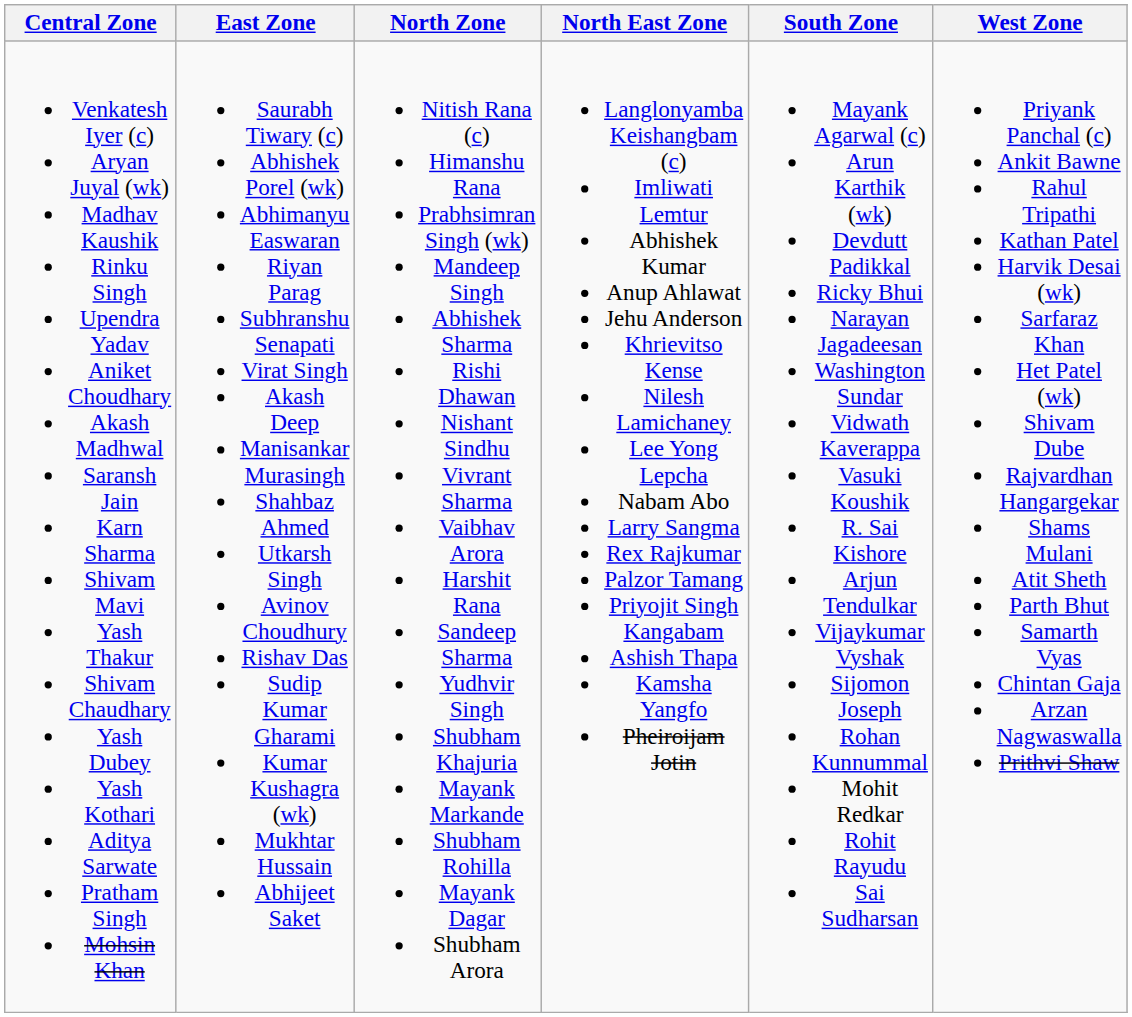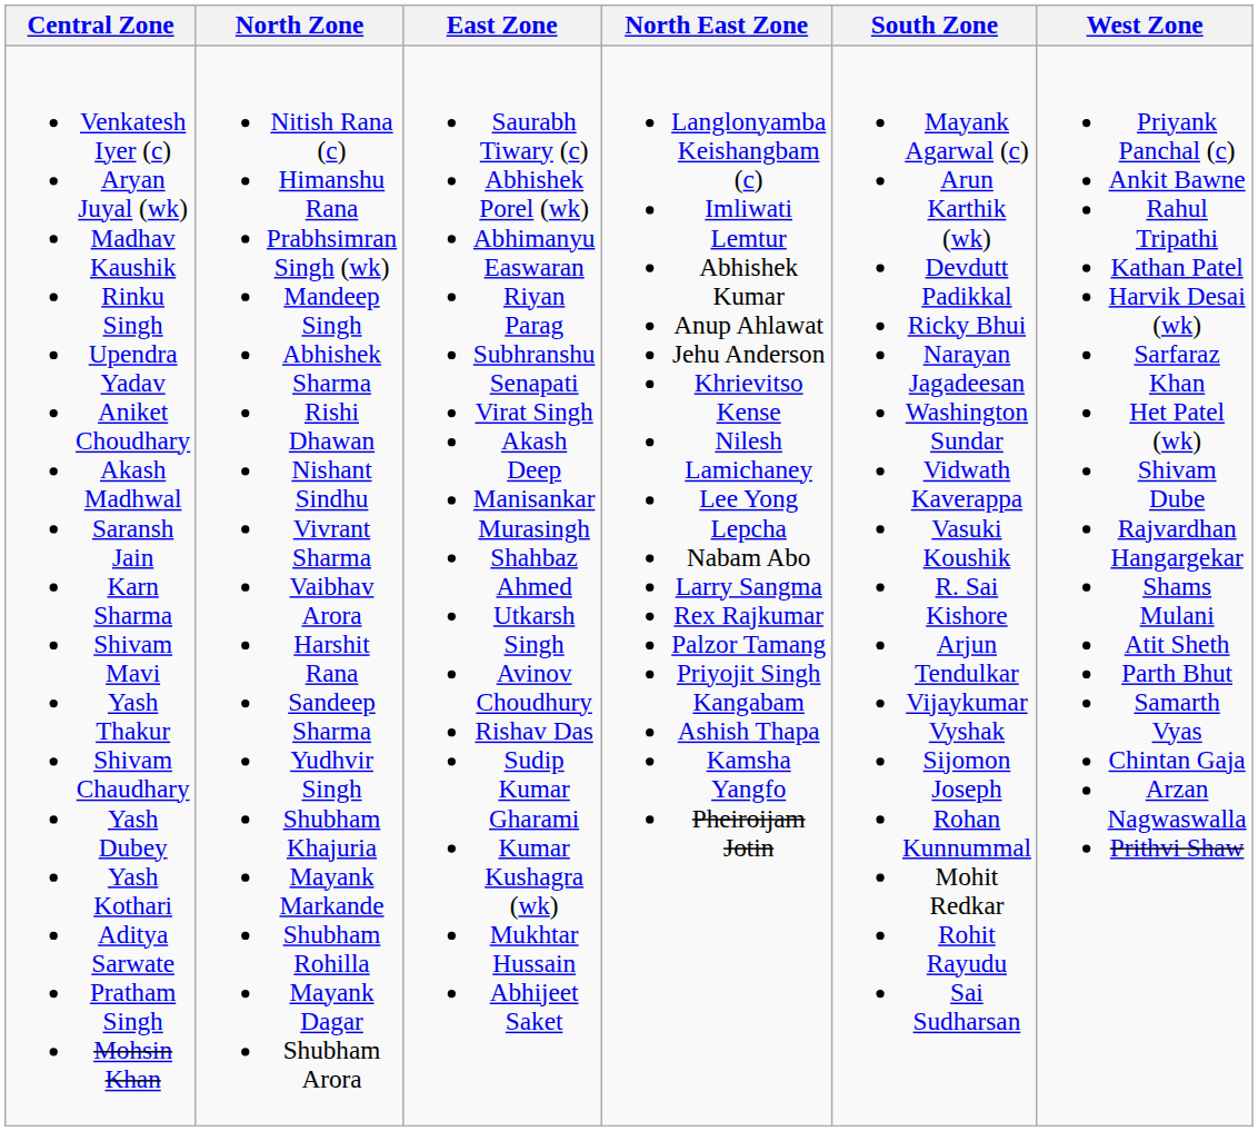 <table class="wikitable" style="text-align:center; margin:auto">
 <tr>
 <th><a href='#'>Central Zone</a></th>
+<th><a href='#'>North Zone</a></th>
 <th><a href='#'>East Zone</a></th>
-<th><a href='#'>North Zone</a></th>
 <th><a href='#'>North East Zone</a></th>
 <th><a href='#'>South Zone</a></th>
 <th><a href='#'>West Zone</a></th>
 </tr>
 <tr style="vertical-align:top">
 <td><br><ul><li><a href='#'>Venkatesh Iyer</a> (<a href='#'>c</a>)</li><li><a href='#'>Aryan Juyal</a> (<a href='#'>wk</a>)</li><li><a href='#'>Madhav Kaushik</a></li><li><a href='#'>Rinku Singh</a></li><li><a href='#'>Upendra Yadav</a></li><li><a href='#'>Aniket Choudhary</a></li><li><a href='#'>Akash Madhwal</a></li><li><a href='#'>Saransh Jain</a></li><li><a href='#'>Karn Sharma</a></li><li><a href='#'>Shivam Mavi</a></li><li><a href='#'>Yash Thakur</a></li><li><a href='#'>Shivam Chaudhary</a></li><li><a href='#'>Yash Dubey</a></li><li><a href='#'>Yash Kothari</a></li><li><a href='#'>Aditya Sarwate</a></li><li><a href='#'>Pratham Singh</a></li><li><s><a href='#'>Mohsin Khan</a></s></li></ul></td>
+<td><br><ul><li><a href='#'>Nitish Rana</a> (<a href='#'>c</a>)</li><li><a href='#'>Himanshu Rana</a></li><li><a href='#'>Prabhsimran Singh</a> (<a href='#'>wk</a>)</li><li><a href='#'>Mandeep Singh</a></li><li><a href='#'>Abhishek Sharma</a></li><li><a href='#'>Rishi Dhawan</a></li><li><a href='#'>Nishant Sindhu</a></li><li><a href='#'>Vivrant Sharma</a></li><li><a href='#'>Vaibhav Arora</a></li><li><a href='#'>Harshit Rana</a></li><li><a href='#'>Sandeep Sharma</a></li><li><a href='#'>Yudhvir Singh</a></li><li><a href='#'>Shubham Khajuria</a></li><li><a href='#'>Mayank Markande</a></li><li><a href='#'>Shubham Rohilla</a></li><li><a href='#'>Mayank Dagar</a></li><li>Shubham Arora</li></ul></td>
 <td><br><ul><li><a href='#'>Saurabh Tiwary</a> (<a href='#'>c</a>)</li><li><a href='#'>Abhishek Porel</a> (<a href='#'>wk</a>)</li><li><a href='#'>Abhimanyu Easwaran</a></li><li><a href='#'>Riyan Parag</a></li><li><a href='#'>Subhranshu Senapati</a></li><li><a href='#'>Virat Singh</a></li><li><a href='#'>Akash Deep</a></li><li><a href='#'>Manisankar Murasingh</a></li><li><a href='#'>Shahbaz Ahmed</a></li><li><a href='#'>Utkarsh Singh</a></li><li><a href='#'>Avinov Choudhury</a></li><li><a href='#'>Rishav Das</a></li><li><a href='#'>Sudip Kumar Gharami</a></li><li><a href='#'>Kumar Kushagra</a> (<a href='#'>wk</a>)</li><li><a href='#'>Mukhtar Hussain</a></li><li><a href='#'>Abhijeet Saket</a></li></ul></td>
-<td><br><ul><li><a href='#'>Nitish Rana</a> (<a href='#'>c</a>)</li><li><a href='#'>Himanshu Rana</a></li><li><a href='#'>Prabhsimran Singh</a> (<a href='#'>wk</a>)</li><li><a href='#'>Mandeep Singh</a></li><li><a href='#'>Abhishek Sharma</a></li><li><a href='#'>Rishi Dhawan</a></li><li><a href='#'>Nishant Sindhu</a></li><li><a href='#'>Vivrant Sharma</a></li><li><a href='#'>Vaibhav Arora</a></li><li><a href='#'>Harshit Rana</a></li><li><a href='#'>Sandeep Sharma</a></li><li><a href='#'>Yudhvir Singh</a></li><li><a href='#'>Shubham Khajuria</a></li><li><a href='#'>Mayank Markande</a></li><li><a href='#'>Shubham Rohilla</a></li><li><a href='#'>Mayank Dagar</a></li><li>Shubham Arora</li></ul></td>
 <td><br><ul><li><a href='#'>Langlonyamba Keishangbam</a> (<a href='#'>c</a>)</li><li><a href='#'>Imliwati Lemtur</a></li><li>Abhishek Kumar</li><li>Anup Ahlawat</li><li>Jehu Anderson</li><li><a href='#'>Khrievitso Kense</a></li><li><a href='#'>Nilesh Lamichaney</a></li><li><a href='#'>Lee Yong Lepcha</a></li><li>Nabam Abo</li><li><a href='#'>Larry Sangma</a></li><li><a href='#'>Rex Rajkumar</a></li><li><a href='#'>Palzor Tamang</a></li><li><a href='#'>Priyojit Singh Kangabam</a></li><li><a href='#'>Ashish Thapa</a></li><li><a href='#'>Kamsha Yangfo</a></li><li><s>Pheiroijam Jotin</s></li></ul></td>
 <td><br><ul><li><a href='#'>Mayank Agarwal</a> (<a href='#'>c</a>)</li><li><a href='#'>Arun Karthik</a> (<a href='#'>wk</a>)</li><li><a href='#'>Devdutt Padikkal</a></li><li><a href='#'>Ricky Bhui</a></li><li><a href='#'>Narayan Jagadeesan</a></li><li><a href='#'>Washington Sundar</a></li><li><a href='#'>Vidwath Kaverappa</a></li><li><a href='#'>Vasuki Koushik</a></li><li><a href='#'>R. Sai Kishore</a></li><li><a href='#'>Arjun Tendulkar</a></li><li><a href='#'>Vijaykumar Vyshak</a></li><li><a href='#'>Sijomon Joseph</a></li><li><a href='#'>Rohan Kunnummal</a></li><li>Mohit Redkar</li><li><a href='#'>Rohit Rayudu</a></li><li><a href='#'>Sai Sudharsan</a></li></ul></td>
 <td><br><ul><li><a href='#'>Priyank Panchal</a> (<a href='#'>c</a>)</li><li><a href='#'>Ankit Bawne</a></li><li><a href='#'>Rahul Tripathi</a></li><li><a href='#'>Kathan Patel</a></li><li><a href='#'>Harvik Desai</a> (<a href='#'>wk</a>)</li><li><a href='#'>Sarfaraz Khan</a></li><li><a href='#'>Het Patel</a> (<a href='#'>wk</a>)</li><li><a href='#'>Shivam Dube</a></li><li><a href='#'>Rajvardhan Hangargekar</a></li><li><a href='#'>Shams Mulani</a></li><li><a href='#'>Atit Sheth</a></li><li><a href='#'>Parth Bhut</a></li><li><a href='#'>Samarth Vyas</a></li><li><a href='#'>Chintan Gaja</a></li><li><a href='#'>Arzan Nagwaswalla</a></li><li><s><a href='#'>Prithvi Shaw</a></s></li></ul></td>
 </tr>
 </table>
